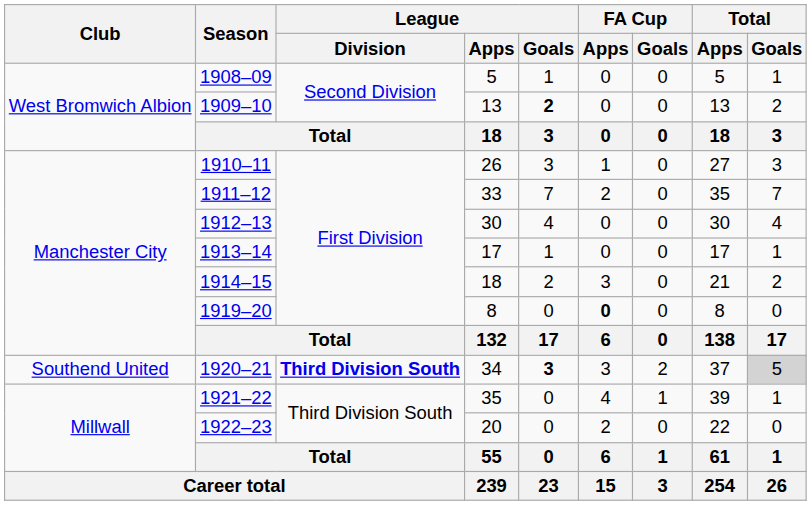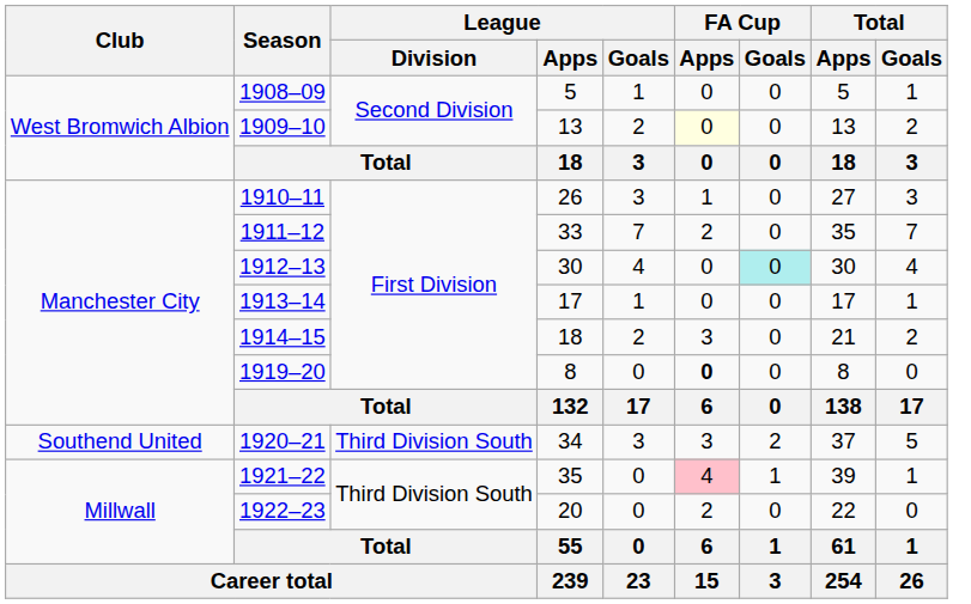 <table class="wikitable" style="text-align: center;">
 <tr>
 <th rowspan="2">Club</th>
 <th rowspan="2">Season</th>
 <th colspan="3">League</th>
 <th colspan="2">FA Cup</th>
 <th colspan="2">Total</th>
 </tr>
 <tr>
 <th>Division</th>
 <th>Apps</th>
 <th>Goals</th>
 <th>Apps</th>
 <th>Goals</th>
 <th>Apps</th>
 <th>Goals</th>
 </tr>
 <tr>
 <td rowspan="3"><a href='#'>West Bromwich Albion</a></td>
 <td><a href='#'>1908–09</a></td>
 <td rowspan="2"><a href='#'>Second Division</a></td>
 <td>5</td>
 <td>1</td>
 <td>0</td>
 <td>0</td>
 <td>5</td>
 <td>1</td>
 </tr>
 <tr>
 <td><a href='#'>1909–10</a></td>
 <td>13</td>
-<td><strong>2</strong></td>
-<td>0</td>
+<td>2</td>
+<td style="background: lightyellow;">0</td>
 <td>0</td>
 <td>13</td>
 <td>2</td>
 </tr>
 <tr>
 <th colspan="2">Total</th>
 <th>18</th>
 <th>3</th>
 <th>0</th>
 <th>0</th>
 <th>18</th>
 <th>3</th>
 </tr>
 <tr>
 <td rowspan="7"><a href='#'>Manchester City</a></td>
 <td><a href='#'>1910–11</a></td>
 <td rowspan="6"><a href='#'>First Division</a></td>
 <td>26</td>
 <td>3</td>
 <td>1</td>
 <td>0</td>
 <td>27</td>
 <td>3</td>
 </tr>
 <tr>
 <td><a href='#'>1911–12</a></td>
 <td>33</td>
 <td>7</td>
 <td>2</td>
 <td>0</td>
 <td>35</td>
 <td>7</td>
 </tr>
 <tr>
 <td><a href='#'>1912–13</a></td>
 <td>30</td>
 <td>4</td>
 <td>0</td>
-<td>0</td>
+<td style="background: paleturquoise;">0</td>
 <td>30</td>
 <td>4</td>
 </tr>
 <tr>
 <td><a href='#'>1913–14</a></td>
 <td>17</td>
 <td>1</td>
 <td>0</td>
 <td>0</td>
 <td>17</td>
 <td>1</td>
 </tr>
 <tr>
 <td><a href='#'>1914–15</a></td>
 <td>18</td>
 <td>2</td>
 <td>3</td>
 <td>0</td>
 <td>21</td>
 <td>2</td>
 </tr>
 <tr>
 <td><a href='#'>1919–20</a></td>
 <td>8</td>
 <td>0</td>
 <td><strong>0</strong></td>
 <td>0</td>
 <td>8</td>
 <td>0</td>
 </tr>
 <tr>
 <th colspan="2">Total</th>
 <th>132</th>
 <th>17</th>
 <th>6</th>
 <th>0</th>
 <th>138</th>
 <th>17</th>
 </tr>
 <tr>
 <td><a href='#'>Southend United</a></td>
 <td><a href='#'>1920–21</a></td>
-<td><strong><a href='#'>Third Division South</a></strong></td>
+<td><a href='#'>Third Division South</a></td>
 <td>34</td>
-<td><strong>3</strong></td>
+<td>3</td>
 <td>3</td>
 <td>2</td>
 <td>37</td>
-<td style="background: lightgrey;">5</td>
+<td>5</td>
 </tr>
 <tr>
 <td rowspan="3"><a href='#'>Millwall</a></td>
 <td><a href='#'>1921–22</a></td>
 <td rowspan="2">Third Division South</td>
 <td>35</td>
 <td>0</td>
-<td>4</td>
+<td style="background: pink;">4</td>
 <td>1</td>
 <td>39</td>
 <td>1</td>
 </tr>
 <tr>
 <td><a href='#'>1922–23</a></td>
 <td>20</td>
 <td>0</td>
 <td>2</td>
 <td>0</td>
 <td>22</td>
 <td>0</td>
 </tr>
 <tr>
 <th colspan="2">Total</th>
 <th>55</th>
 <th>0</th>
 <th>6</th>
 <th>1</th>
 <th>61</th>
 <th>1</th>
 </tr>
 <tr>
 <th colspan="3">Career total</th>
 <th>239</th>
 <th>23</th>
 <th>15</th>
 <th>3</th>
 <th>254</th>
 <th>26</th>
 </tr>
 </table>
